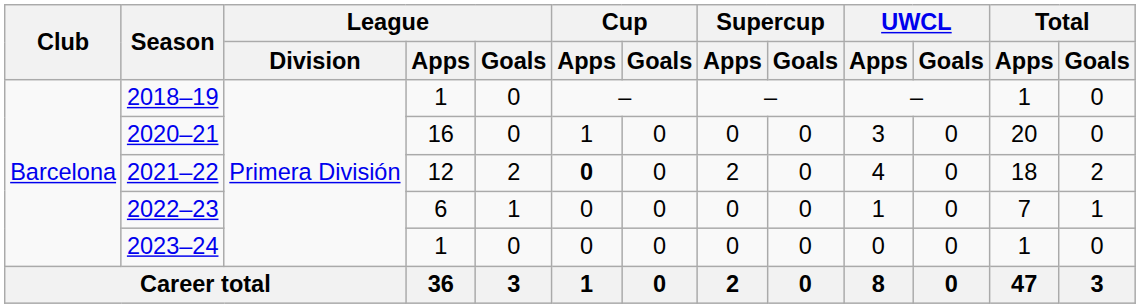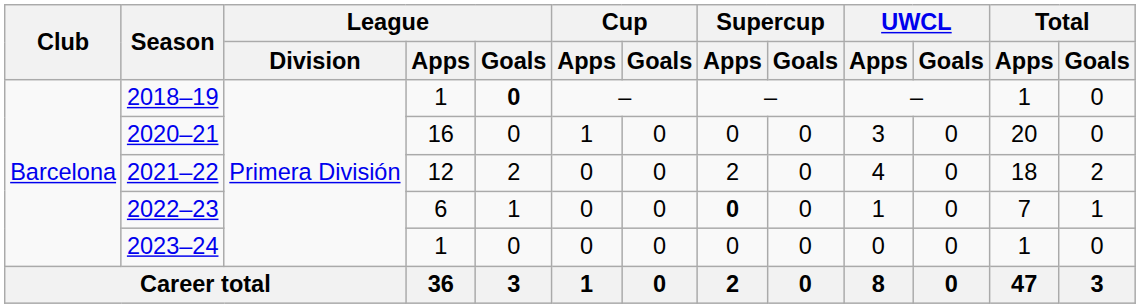 <table class="wikitable" style="text-align:center">
 <tr>
 <th rowspan="2">Club</th>
 <th rowspan="2">Season</th>
 <th colspan="3">League</th>
 <th colspan="2">Cup</th>
 <th colspan="2">Supercup</th>
 <th colspan="2"><a href='#'>UWCL</a></th>
 <th colspan="2">Total</th>
 </tr>
 <tr>
 <th>Division</th>
 <th>Apps</th>
 <th>Goals</th>
 <th>Apps</th>
 <th>Goals</th>
 <th>Apps</th>
 <th>Goals</th>
 <th>Apps</th>
 <th>Goals</th>
 <th>Apps</th>
 <th>Goals</th>
 </tr>
 <tr>
 <td rowspan="5"><a href='#'>Barcelona</a></td>
 <td><a href='#'>2018–19</a></td>
 <td rowspan="5"><a href='#'>Primera División</a></td>
 <td>1</td>
-<td>0</td>
+<td><strong>0</strong></td>
 <td colspan="2">–</td>
 <td colspan="2">–</td>
 <td colspan="2">–</td>
 <td>1</td>
 <td>0</td>
 </tr>
 <tr>
 <td><a href='#'>2020–21</a></td>
 <td>16</td>
 <td>0</td>
 <td>1</td>
 <td>0</td>
 <td>0</td>
 <td>0</td>
 <td>3</td>
 <td>0</td>
 <td>20</td>
 <td>0</td>
 </tr>
 <tr>
 <td><a href='#'>2021–22</a></td>
 <td>12</td>
 <td>2</td>
-<td><strong>0</strong></td>
+<td>0</td>
 <td>0</td>
 <td>2</td>
 <td>0</td>
 <td>4</td>
 <td>0</td>
 <td>18</td>
 <td>2</td>
 </tr>
 <tr>
 <td><a href='#'>2022–23</a></td>
 <td>6</td>
 <td>1</td>
 <td>0</td>
 <td>0</td>
-<td>0</td>
+<td><strong>0</strong></td>
 <td>0</td>
 <td>1</td>
 <td>0</td>
 <td>7</td>
 <td>1</td>
 </tr>
 <tr>
 <td><a href='#'>2023–24</a></td>
 <td>1</td>
 <td>0</td>
 <td>0</td>
 <td>0</td>
 <td>0</td>
 <td>0</td>
 <td>0</td>
 <td>0</td>
 <td>1</td>
 <td>0</td>
 </tr>
 <tr>
 <th colspan="3">Career total</th>
 <th>36</th>
 <th>3</th>
 <th>1</th>
 <th>0</th>
 <th>2</th>
 <th>0</th>
 <th>8</th>
 <th>0</th>
 <th>47</th>
 <th>3</th>
 </tr>
 </table>
